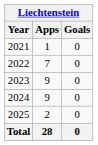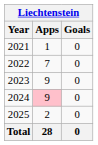 <table class="wikitable" style="text-align:center">
 <tr>
 <th colspan=4><a href='#'>Liechtenstein</a></th>
 </tr>
 <tr>
 <th>Year</th>
 <th>Apps</th>
 <th>Goals</th>
 </tr>
 <tr>
 <td>2021</td>
 <td>1</td>
 <td>0</td>
 </tr>
 <tr>
 <td>2022</td>
 <td>7</td>
 <td>0</td>
 </tr>
 <tr>
 <td>2023</td>
 <td>9</td>
 <td>0</td>
 </tr>
 <tr>
 <td>2024</td>
-<td>9</td>
+<td style="background: pink;">9</td>
 <td>0</td>
 </tr>
 <tr>
 <td>2025</td>
 <td>2</td>
 <td>0</td>
 </tr>
 <tr>
 <th>Total</th>
 <th>28</th>
 <th>0</th>
 </tr>
 </table>
